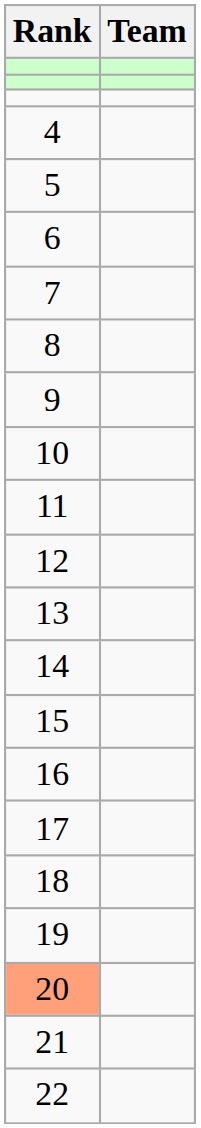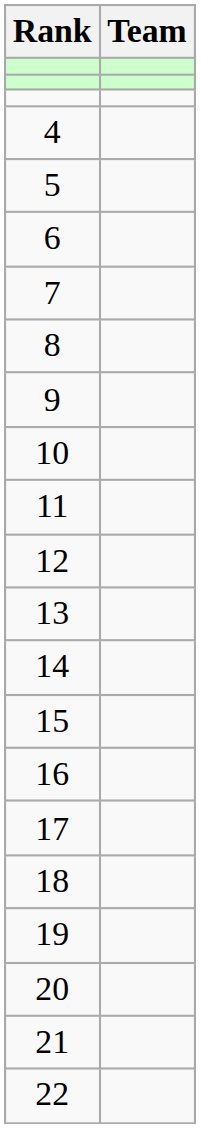 <table class=wikitable style="text-align:center;">
 <tr>
 <th>Rank</th>
 <th>Team</th>
 </tr>
 <tr bgcolor=#ccffcc>
 <td></td>
 <td align=left></td>
 </tr>
 <tr bgcolor=#ccffcc>
 <td></td>
 <td align=left></td>
 </tr>
 <tr>
 <td></td>
 <td align=left></td>
 </tr>
 <tr>
 <td>4</td>
 <td align=left></td>
 </tr>
 <tr>
 <td>5</td>
 <td align=left></td>
 </tr>
 <tr>
 <td>6</td>
 <td align=left></td>
 </tr>
 <tr>
 <td>7</td>
 <td align=left></td>
 </tr>
 <tr>
 <td>8</td>
 <td align=left></td>
 </tr>
 <tr>
 <td>9</td>
 <td align=left></td>
 </tr>
 <tr>
 <td>10</td>
 <td align=left></td>
 </tr>
 <tr>
 <td>11</td>
 <td align=left></td>
 </tr>
 <tr>
 <td>12</td>
 <td align=left></td>
 </tr>
 <tr>
 <td>13</td>
 <td align=left></td>
 </tr>
 <tr>
 <td>14</td>
 <td align=left></td>
 </tr>
 <tr>
 <td>15</td>
 <td align=left></td>
 </tr>
 <tr>
 <td>16</td>
 <td align=left></td>
 </tr>
 <tr>
 <td>17</td>
 <td align=left></td>
 </tr>
 <tr>
 <td>18</td>
 <td align=left></td>
 </tr>
 <tr>
 <td>19</td>
 <td align=left></td>
 </tr>
 <tr>
-<td style="background: lightsalmon;">20</td>
+<td>20</td>
 <td align=left></td>
 </tr>
 <tr>
 <td>21</td>
 <td align=left></td>
 </tr>
 <tr>
 <td>22</td>
 <td align=left></td>
 </tr>
 </table>
